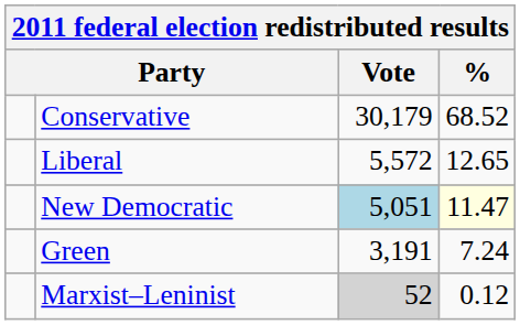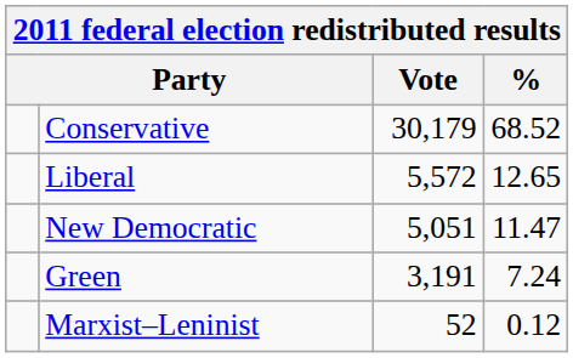 <table class="wikitable">
 <tr>
 <th colspan="4"><a href='#'>2011 federal election</a> redistributed results</th>
 </tr>
 <tr>
 <th bgcolor="#DDDDFF" width="130px" colspan="2">Party</th>
 <th bgcolor="#DDDDFF" width="50px">Vote</th>
 <th bgcolor="#DDDDFF" width="30px">%</th>
 </tr>
 <tr>
 <td> </td>
 <td><a href='#'>Conservative</a></td>
 <td align=right>30,179</td>
 <td align=right>68.52</td>
 </tr>
 <tr>
 <td> </td>
 <td><a href='#'>Liberal</a></td>
 <td align=right>5,572</td>
 <td align=right>12.65</td>
 </tr>
 <tr>
 <td> </td>
 <td><a href='#'>New Democratic</a></td>
-<td align=right style="background: lightblue;">5,051</td>
-<td align=right style="background: lightyellow;">11.47</td>
+<td align=right>5,051</td>
+<td align=right>11.47</td>
 </tr>
 <tr>
 <td> </td>
 <td><a href='#'>Green</a></td>
 <td align=right>3,191</td>
 <td align=right>7.24</td>
 </tr>
 <tr>
 <td> </td>
 <td><a href='#'>Marxist–Leninist</a></td>
-<td align=right style="background: lightgrey;">52</td>
+<td align=right>52</td>
 <td align=right>0.12</td>
 </tr>
 </table>
